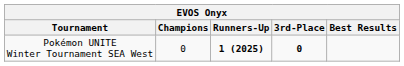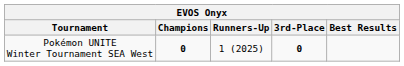 <table class="wikitable" style="font-size:80%; text-align:center;">
 <tr>
 <td colspan="8" style="background-color:#f2f2f2;"> <strong>EVOS Onyx</strong></td>
 </tr>
 <tr>
 <th>Tournament</th>
 <th>Champions</th>
 <th>Runners-Up</th>
 <th>3rd-Place</th>
 <th>Best Results</th>
 </tr>
 <tr>
 <td>Pokémon UNITE <br> Winter Tournament SEA West</td>
-<td>0</td>
-<td><strong>1 (2025)</strong></td>
+<td><strong>0</strong></td>
+<td>1 (2025)</td>
 <td><strong>0</strong></td>
 <td></td>
 </tr>
 </table>
